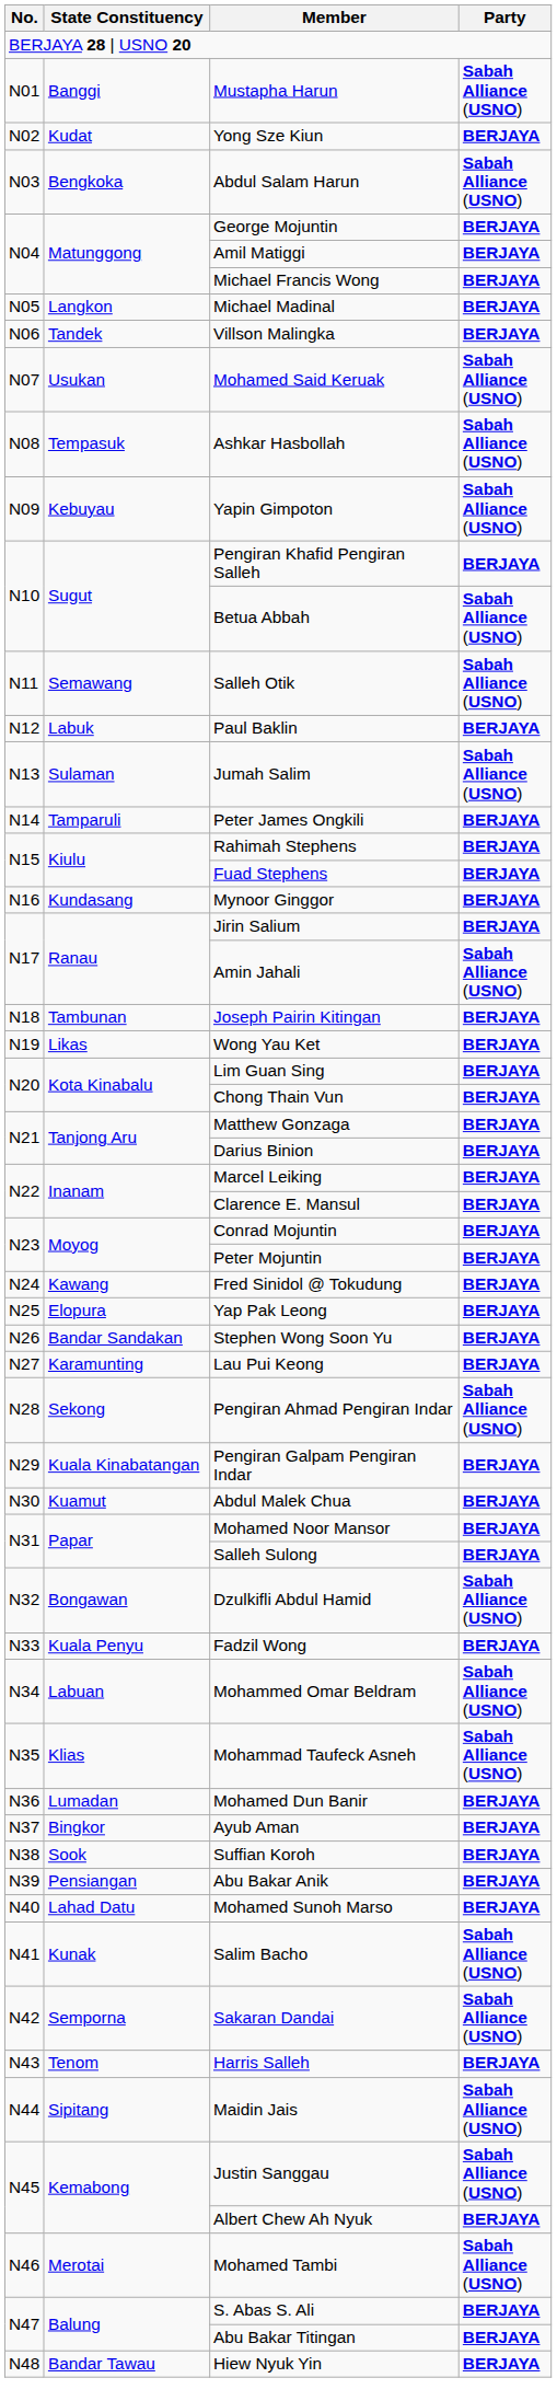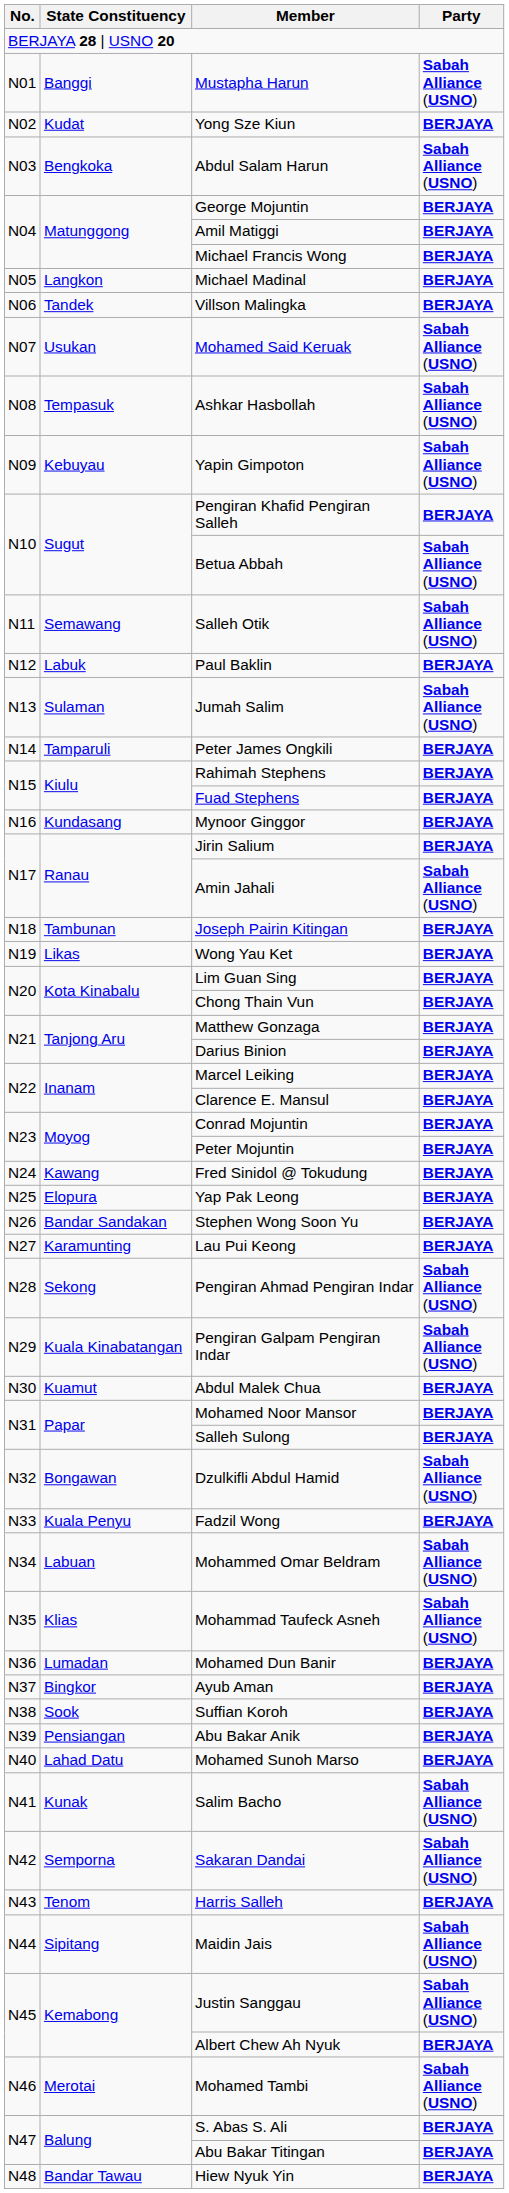 <table class="wikitable sortable">
 <tr>
 <th style="width:30px;">No.</th>
 <th style="width:150px;">State Constituency</th>
 <th style="width:230px;">Member</th>
 <th style="width:80px;">Party</th>
 </tr>
 <tr>
 <td colspan="4"><a href='#'>BERJAYA</a> <strong>28</strong> | <a href='#'>USNO</a> <strong>20</strong></td>
 </tr>
 <tr>
 <td>N01</td>
 <td><a href='#'>Banggi</a></td>
 <td><a href='#'>Mustapha Harun</a></td>
 <td><strong><a href='#'>Sabah Alliance</a></strong> (<strong><a href='#'>USNO</a></strong>)</td>
 </tr>
 <tr>
 <td>N02</td>
 <td><a href='#'>Kudat</a></td>
 <td>Yong Sze Kiun</td>
 <td><strong><a href='#'>BERJAYA</a></strong></td>
 </tr>
 <tr>
 <td>N03</td>
 <td><a href='#'>Bengkoka</a></td>
 <td>Abdul Salam Harun</td>
 <td><strong><a href='#'>Sabah Alliance</a></strong> (<strong><a href='#'>USNO</a></strong>)</td>
 </tr>
 <tr>
 <td rowspan=3>N04</td>
 <td rowspan=3><a href='#'>Matunggong</a></td>
 <td>George Mojuntin </td>
 <td><strong><a href='#'>BERJAYA</a></strong></td>
 </tr>
 <tr>
 <td>Amil Matiggi </td>
 <td><strong><a href='#'>BERJAYA</a></strong></td>
 </tr>
 <tr>
 <td>Michael Francis Wong </td>
 <td><strong><a href='#'>BERJAYA</a></strong></td>
 </tr>
 <tr>
 <td>N05</td>
 <td><a href='#'>Langkon</a></td>
 <td>Michael Madinal</td>
 <td><strong><a href='#'>BERJAYA</a></strong></td>
 </tr>
 <tr>
 <td>N06</td>
 <td><a href='#'>Tandek</a></td>
 <td>Villson Malingka</td>
 <td><strong><a href='#'>BERJAYA</a></strong></td>
 </tr>
 <tr>
 <td>N07</td>
 <td><a href='#'>Usukan</a></td>
 <td><a href='#'>Mohamed Said Keruak</a></td>
 <td><strong><a href='#'>Sabah Alliance</a></strong> (<strong><a href='#'>USNO</a></strong>)</td>
 </tr>
 <tr>
 <td>N08</td>
 <td><a href='#'>Tempasuk</a></td>
 <td>Ashkar Hasbollah</td>
 <td><strong><a href='#'>Sabah Alliance</a></strong> (<strong><a href='#'>USNO</a></strong>)</td>
 </tr>
 <tr>
 <td>N09</td>
 <td><a href='#'>Kebuyau</a></td>
 <td>Yapin Gimpoton</td>
 <td><strong><a href='#'>Sabah Alliance</a></strong> (<strong><a href='#'>USNO</a></strong>)</td>
 </tr>
 <tr>
 <td rowspan=2>N10</td>
 <td rowspan=2><a href='#'>Sugut</a></td>
 <td>Pengiran Khafid Pengiran Salleh </td>
 <td><strong><a href='#'>BERJAYA</a></strong></td>
 </tr>
 <tr>
 <td>Betua Abbah </td>
 <td><strong><a href='#'>Sabah Alliance</a></strong> (<strong><a href='#'>USNO</a></strong>)</td>
 </tr>
 <tr>
 <td>N11</td>
 <td><a href='#'>Semawang</a></td>
 <td>Salleh Otik</td>
 <td><strong><a href='#'>Sabah Alliance</a></strong> (<strong><a href='#'>USNO</a></strong>)</td>
 </tr>
 <tr>
 <td>N12</td>
 <td><a href='#'>Labuk</a></td>
 <td>Paul Baklin</td>
 <td><strong><a href='#'>BERJAYA</a></strong></td>
 </tr>
 <tr>
 <td>N13</td>
 <td><a href='#'>Sulaman</a></td>
 <td>Jumah Salim</td>
 <td><strong><a href='#'>Sabah Alliance</a></strong> (<strong><a href='#'>USNO</a></strong>)</td>
 </tr>
 <tr>
 <td>N14</td>
 <td><a href='#'>Tamparuli</a></td>
 <td>Peter James Ongkili</td>
 <td><strong><a href='#'>BERJAYA</a></strong></td>
 </tr>
 <tr>
 <td rowspan=2>N15</td>
 <td rowspan=2><a href='#'>Kiulu</a></td>
 <td>Rahimah Stephens </td>
 <td><strong><a href='#'>BERJAYA</a></strong></td>
 </tr>
 <tr>
 <td><a href='#'>Fuad Stephens</a> </td>
 <td><strong><a href='#'>BERJAYA</a></strong></td>
 </tr>
 <tr>
 <td>N16</td>
 <td><a href='#'>Kundasang</a></td>
 <td>Mynoor Ginggor</td>
 <td><strong><a href='#'>BERJAYA</a></strong></td>
 </tr>
 <tr>
 <td rowspan=2>N17</td>
 <td rowspan=2><a href='#'>Ranau</a></td>
 <td>Jirin Salium </td>
 <td><strong><a href='#'>BERJAYA</a></strong></td>
 </tr>
 <tr>
 <td>Amin Jahali </td>
 <td><strong><a href='#'>Sabah Alliance</a></strong> (<strong><a href='#'>USNO</a></strong>)</td>
 </tr>
 <tr>
 <td>N18</td>
 <td><a href='#'>Tambunan</a></td>
 <td><a href='#'>Joseph Pairin Kitingan</a></td>
 <td><strong><a href='#'>BERJAYA</a></strong></td>
 </tr>
 <tr>
 <td>N19</td>
 <td><a href='#'>Likas</a></td>
 <td>Wong Yau Ket</td>
 <td><strong><a href='#'>BERJAYA</a></strong></td>
 </tr>
 <tr>
 <td rowspan=2>N20</td>
 <td rowspan=2><a href='#'>Kota Kinabalu</a></td>
 <td>Lim Guan Sing </td>
 <td><strong><a href='#'>BERJAYA</a></strong></td>
 </tr>
 <tr>
 <td>Chong Thain Vun </td>
 <td><strong><a href='#'>BERJAYA</a></strong></td>
 </tr>
 <tr>
 <td rowspan=2>N21</td>
 <td rowspan=2><a href='#'>Tanjong Aru</a></td>
 <td>Matthew Gonzaga </td>
 <td><strong><a href='#'>BERJAYA</a></strong></td>
 </tr>
 <tr>
 <td>Darius Binion </td>
 <td><strong><a href='#'>BERJAYA</a></strong></td>
 </tr>
 <tr>
 <td rowspan=2>N22</td>
 <td rowspan=2><a href='#'>Inanam</a></td>
 <td>Marcel Leiking </td>
 <td><strong><a href='#'>BERJAYA</a></strong></td>
 </tr>
 <tr>
 <td>Clarence E. Mansul </td>
 <td><strong><a href='#'>BERJAYA</a></strong></td>
 </tr>
 <tr>
 <td rowspan=2>N23</td>
 <td rowspan=2><a href='#'>Moyog</a></td>
 <td>Conrad Mojuntin </td>
 <td><strong><a href='#'>BERJAYA</a></strong></td>
 </tr>
 <tr>
 <td>Peter Mojuntin </td>
 <td><strong><a href='#'>BERJAYA</a></strong></td>
 </tr>
 <tr>
 <td>N24</td>
 <td><a href='#'>Kawang</a></td>
 <td>Fred Sinidol @ Tokudung</td>
 <td><strong><a href='#'>BERJAYA</a></strong></td>
 </tr>
 <tr>
 <td>N25</td>
 <td><a href='#'>Elopura</a></td>
 <td>Yap Pak Leong</td>
 <td><strong><a href='#'>BERJAYA</a></strong></td>
 </tr>
 <tr>
 <td>N26</td>
 <td><a href='#'>Bandar Sandakan</a></td>
 <td>Stephen Wong Soon Yu</td>
 <td><strong><a href='#'>BERJAYA</a></strong></td>
 </tr>
 <tr>
 <td>N27</td>
 <td><a href='#'>Karamunting</a></td>
 <td>Lau Pui Keong</td>
 <td><strong><a href='#'>BERJAYA</a></strong></td>
 </tr>
 <tr>
 <td>N28</td>
 <td><a href='#'>Sekong</a></td>
 <td>Pengiran Ahmad Pengiran Indar</td>
 <td><strong><a href='#'>Sabah Alliance</a></strong> (<strong><a href='#'>USNO</a></strong>)</td>
 </tr>
 <tr>
 <td>N29</td>
 <td><a href='#'>Kuala Kinabatangan</a></td>
 <td>Pengiran Galpam Pengiran Indar</td>
-<td><strong><a href='#'>BERJAYA</a></strong></td>
+<td><strong><a href='#'>Sabah Alliance</a></strong> (<strong><a href='#'>USNO</a></strong>)</td>
 </tr>
 <tr>
 <td>N30</td>
 <td><a href='#'>Kuamut</a></td>
 <td>Abdul Malek Chua</td>
 <td><strong><a href='#'>BERJAYA</a></strong></td>
 </tr>
 <tr>
 <td rowspan=2>N31</td>
 <td rowspan=2><a href='#'>Papar</a></td>
 <td>Mohamed Noor Mansor </td>
 <td><strong><a href='#'>BERJAYA</a></strong></td>
 </tr>
 <tr>
 <td>Salleh Sulong </td>
 <td><strong><a href='#'>BERJAYA</a></strong></td>
 </tr>
 <tr>
 <td>N32</td>
 <td><a href='#'>Bongawan</a></td>
 <td>Dzulkifli Abdul Hamid</td>
 <td><strong><a href='#'>Sabah Alliance</a></strong> (<strong><a href='#'>USNO</a></strong>)</td>
 </tr>
 <tr>
 <td>N33</td>
 <td><a href='#'>Kuala Penyu</a></td>
 <td>Fadzil Wong</td>
 <td><strong><a href='#'>BERJAYA</a></strong></td>
 </tr>
 <tr>
 <td>N34</td>
 <td><a href='#'>Labuan</a></td>
 <td>Mohammed Omar Beldram</td>
 <td><strong><a href='#'>Sabah Alliance</a></strong> (<strong><a href='#'>USNO</a></strong>)</td>
 </tr>
 <tr>
 <td>N35</td>
 <td><a href='#'>Klias</a></td>
 <td>Mohammad Taufeck Asneh</td>
 <td><strong><a href='#'>Sabah Alliance</a></strong> (<strong><a href='#'>USNO</a></strong>)</td>
 </tr>
 <tr>
 <td>N36</td>
 <td><a href='#'>Lumadan</a></td>
 <td>Mohamed Dun Banir</td>
 <td><strong><a href='#'>BERJAYA</a></strong></td>
 </tr>
 <tr>
 <td>N37</td>
 <td><a href='#'>Bingkor</a></td>
 <td>Ayub Aman</td>
 <td><strong><a href='#'>BERJAYA</a></strong></td>
 </tr>
 <tr>
 <td>N38</td>
 <td><a href='#'>Sook</a></td>
 <td>Suffian Koroh</td>
 <td><strong><a href='#'>BERJAYA</a></strong></td>
 </tr>
 <tr>
 <td>N39</td>
 <td><a href='#'>Pensiangan</a></td>
 <td>Abu Bakar Anik</td>
 <td><strong><a href='#'>BERJAYA</a></strong></td>
 </tr>
 <tr>
 <td>N40</td>
 <td><a href='#'>Lahad Datu</a></td>
 <td>Mohamed Sunoh Marso</td>
 <td><strong><a href='#'>BERJAYA</a></strong></td>
 </tr>
 <tr>
 <td>N41</td>
 <td><a href='#'>Kunak</a></td>
 <td>Salim Bacho</td>
 <td><strong><a href='#'>Sabah Alliance</a></strong> (<strong><a href='#'>USNO</a></strong>)</td>
 </tr>
 <tr>
 <td>N42</td>
 <td><a href='#'>Semporna</a></td>
 <td><a href='#'>Sakaran Dandai</a></td>
 <td><strong><a href='#'>Sabah Alliance</a></strong> (<strong><a href='#'>USNO</a></strong>)</td>
 </tr>
 <tr>
 <td>N43</td>
 <td><a href='#'>Tenom</a></td>
 <td><a href='#'>Harris Salleh</a></td>
 <td><strong><a href='#'>BERJAYA</a></strong></td>
 </tr>
 <tr>
 <td>N44</td>
 <td><a href='#'>Sipitang</a></td>
 <td>Maidin Jais</td>
 <td><strong><a href='#'>Sabah Alliance</a></strong> (<strong><a href='#'>USNO</a></strong>)</td>
 </tr>
 <tr>
 <td rowspan=2>N45</td>
 <td rowspan=2><a href='#'>Kemabong</a></td>
 <td>Justin Sanggau </td>
 <td><strong><a href='#'>Sabah Alliance</a></strong> (<strong><a href='#'>USNO</a></strong>)</td>
 </tr>
 <tr>
 <td>Albert Chew Ah Nyuk </td>
 <td><strong><a href='#'>BERJAYA</a></strong></td>
 </tr>
 <tr>
 <td>N46</td>
 <td><a href='#'>Merotai</a></td>
 <td>Mohamed Tambi</td>
 <td><strong><a href='#'>Sabah Alliance</a></strong> (<strong><a href='#'>USNO</a></strong>)</td>
 </tr>
 <tr>
 <td rowspan=2>N47</td>
 <td rowspan=2><a href='#'>Balung</a></td>
 <td>S. Abas S. Ali </td>
 <td><strong><a href='#'>BERJAYA</a></strong></td>
 </tr>
 <tr>
 <td>Abu Bakar Titingan </td>
 <td><strong><a href='#'>BERJAYA</a></strong></td>
 </tr>
 <tr>
 <td>N48</td>
 <td><a href='#'>Bandar Tawau</a></td>
 <td>Hiew Nyuk Yin</td>
 <td><strong><a href='#'>BERJAYA</a></strong></td>
 </tr>
 </table>
